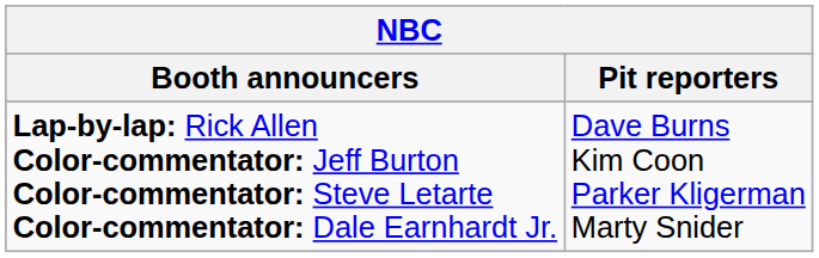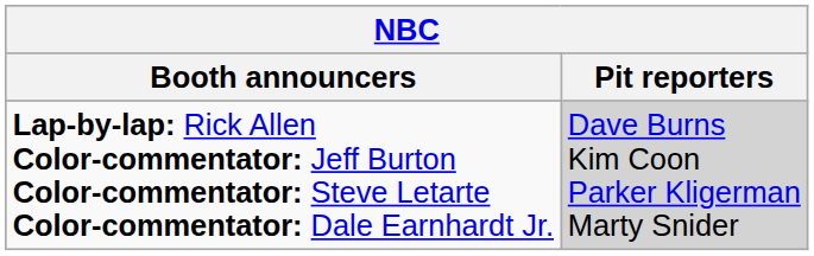 <table class="wikitable" style="font-size: 95%;">
 <tr>
 <th colspan="2"><a href='#'>NBC</a></th>
 </tr>
 <tr>
 <th>Booth announcers</th>
 <th>Pit reporters</th>
 </tr>
 <tr>
 <td><strong>Lap-by-lap:</strong> <a href='#'>Rick Allen</a><br><strong>Color-commentator:</strong> <a href='#'>Jeff Burton</a><br><strong>Color-commentator:</strong> <a href='#'>Steve Letarte</a><br><strong>Color-commentator:</strong> <a href='#'>Dale Earnhardt Jr.</a></td>
-<td><a href='#'>Dave Burns</a><br>Kim Coon<br><a href='#'>Parker Kligerman</a><br>Marty Snider</td>
+<td style="background: lightgrey;"><a href='#'>Dave Burns</a><br>Kim Coon<br><a href='#'>Parker Kligerman</a><br>Marty Snider</td>
 </tr>
 </table>
